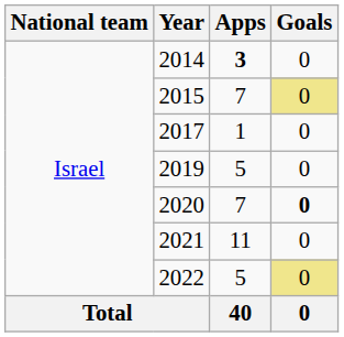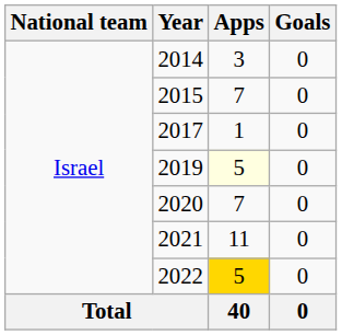 <table class="wikitable" style="text-align:center">
 <tr>
 <th>National team</th>
 <th>Year</th>
 <th>Apps</th>
 <th>Goals</th>
 </tr>
 <tr>
 <td rowspan="7"><a href='#'>Israel</a></td>
 <td>2014</td>
-<td><strong>3</strong></td>
+<td>3</td>
 <td>0</td>
 </tr>
 <tr>
 <td>2015</td>
 <td>7</td>
-<td style="background: khaki;">0</td>
+<td>0</td>
 </tr>
 <tr>
 <td>2017</td>
 <td>1</td>
 <td>0</td>
 </tr>
 <tr>
 <td>2019</td>
-<td>5</td>
+<td style="background: lightyellow;">5</td>
 <td>0</td>
 </tr>
 <tr>
 <td>2020</td>
 <td>7</td>
-<td><strong>0</strong></td>
+<td>0</td>
 </tr>
 <tr>
 <td>2021</td>
 <td>11</td>
 <td>0</td>
 </tr>
 <tr>
 <td>2022</td>
-<td>5</td>
-<td style="background: khaki;">0</td>
+<td style="background: gold;">5</td>
+<td>0</td>
 </tr>
 <tr>
 <th colspan="2">Total</th>
 <th>40</th>
 <th>0</th>
 </tr>
 </table>
